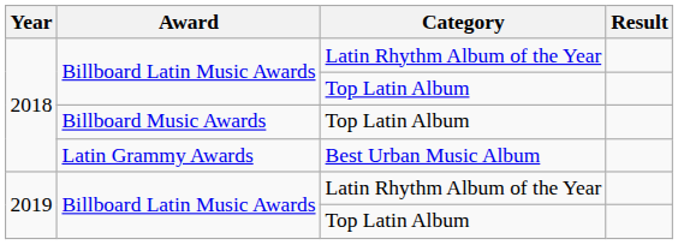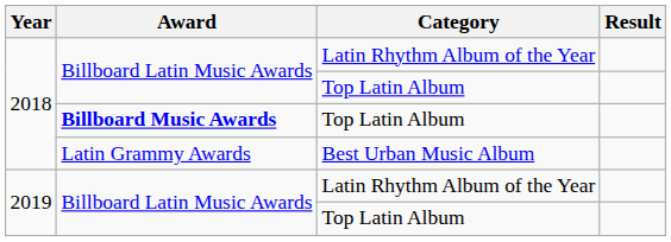 <table class="wikitable">
 <tr>
 <th>Year</th>
 <th>Award</th>
 <th>Category</th>
 <th>Result</th>
 </tr>
 <tr>
 <td rowspan="4">2018</td>
 <td rowspan=2><a href='#'>Billboard Latin Music Awards</a></td>
 <td><a href='#'>Latin Rhythm Album of the Year</a></td>
 <td></td>
 </tr>
 <tr>
 <td><a href='#'>Top Latin Album</a></td>
 <td></td>
 </tr>
 <tr>
-<td><a href='#'>Billboard Music Awards</a></td>
+<td><strong><a href='#'>Billboard Music Awards</a></strong></td>
 <td>Top Latin Album</td>
 <td></td>
 </tr>
 <tr>
 <td><a href='#'>Latin Grammy Awards</a></td>
 <td><a href='#'>Best Urban Music Album</a></td>
 <td></td>
 </tr>
 <tr>
 <td rowspan=2>2019</td>
 <td rowspan=2><a href='#'>Billboard Latin Music Awards</a></td>
 <td>Latin Rhythm Album of the Year</td>
 <td></td>
 </tr>
 <tr>
 <td>Top Latin Album</td>
 <td></td>
 </tr>
 </table>
